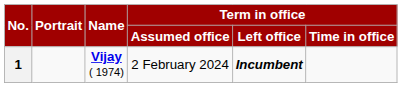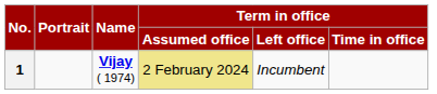 <table class="wikitable sortable" style="text-align:center;">
 <tr>
 <th rowspan=2 style="background-color:#A00000;color:white">No.</th>
 <th rowspan=2 style="background-color:#A00000;color:white">Portrait</th>
 <th rowspan=2 style="background-color:#A00000;color:white">Name<br></th>
 <th colspan=3 style="background-color:#A00000;color:white">Term in office</th>
 </tr>
 <tr>
 <th style="background-color:#A00000;color:white">Assumed office</th>
 <th style="background-color:#A00000;color:white">Left office</th>
 <th style="background-color:#A00000;color:white">Time in office</th>
 </tr>
 <tr>
 <th>1</th>
 <td></td>
 <td><strong><a href='#'>Vijay</a></strong><br><small>( 1974)</small></td>
-<td>2 February 2024</td>
-<td><strong><em>Incumbent</em></strong></td>
+<td style="background: khaki;">2 February 2024</td>
+<td><em>Incumbent</em></td>
 <td></td>
 </tr>
 </table>
